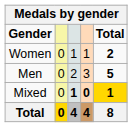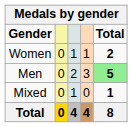 <table class=wikitable style="font-size:85%; float:right;text-align:center">
 <tr bgcolor=EFEFEF>
 <th colspan=6>Medals by gender</th>
 </tr>
 <tr>
 <td><strong>Gender</strong></td>
 <td bgcolor=F7F6A8></td>
 <td bgcolor=DCE5E5></td>
 <td bgcolor=FFDAB9></td>
 <td><strong>Total</strong></td>
 </tr>
 <tr>
 <td>Women</td>
 <td bgcolor=F7F6A8>0</td>
 <td bgcolor=DCE5E5>1</td>
 <td bgcolor=FFDAB9>1</td>
 <td><strong>2</strong></td>
 </tr>
 <tr>
 <td>Men</td>
 <td bgcolor=F7F6A8>0</td>
 <td bgcolor=DCE5E5>2</td>
 <td bgcolor=FFDAB9>3</td>
-<td><strong>5</strong></td>
+<td style="background: lightgreen;"><strong>5</strong></td>
 </tr>
 <tr>
 <td>Mixed</td>
 <td bgcolor=F7F6A8>0</td>
-<td bgcolor=DCE5E5><strong>1</strong></td>
-<td bgcolor=FFDAB9><strong>0</strong></td>
-<td style="background: gold;"><strong>1</strong></td>
+<td bgcolor=DCE5E5>1</td>
+<td bgcolor=FFDAB9>0</td>
+<td><strong>1</strong></td>
 </tr>
 <tr>
 <th><strong>Total</strong></th>
 <th style="background:gold;"><strong>0</strong></th>
 <th style="background:silver;"><strong>4</strong></th>
 <th style="background:#c96;"><strong>4</strong></th>
 <th><strong>8</strong></th>
 </tr>
 </table>
